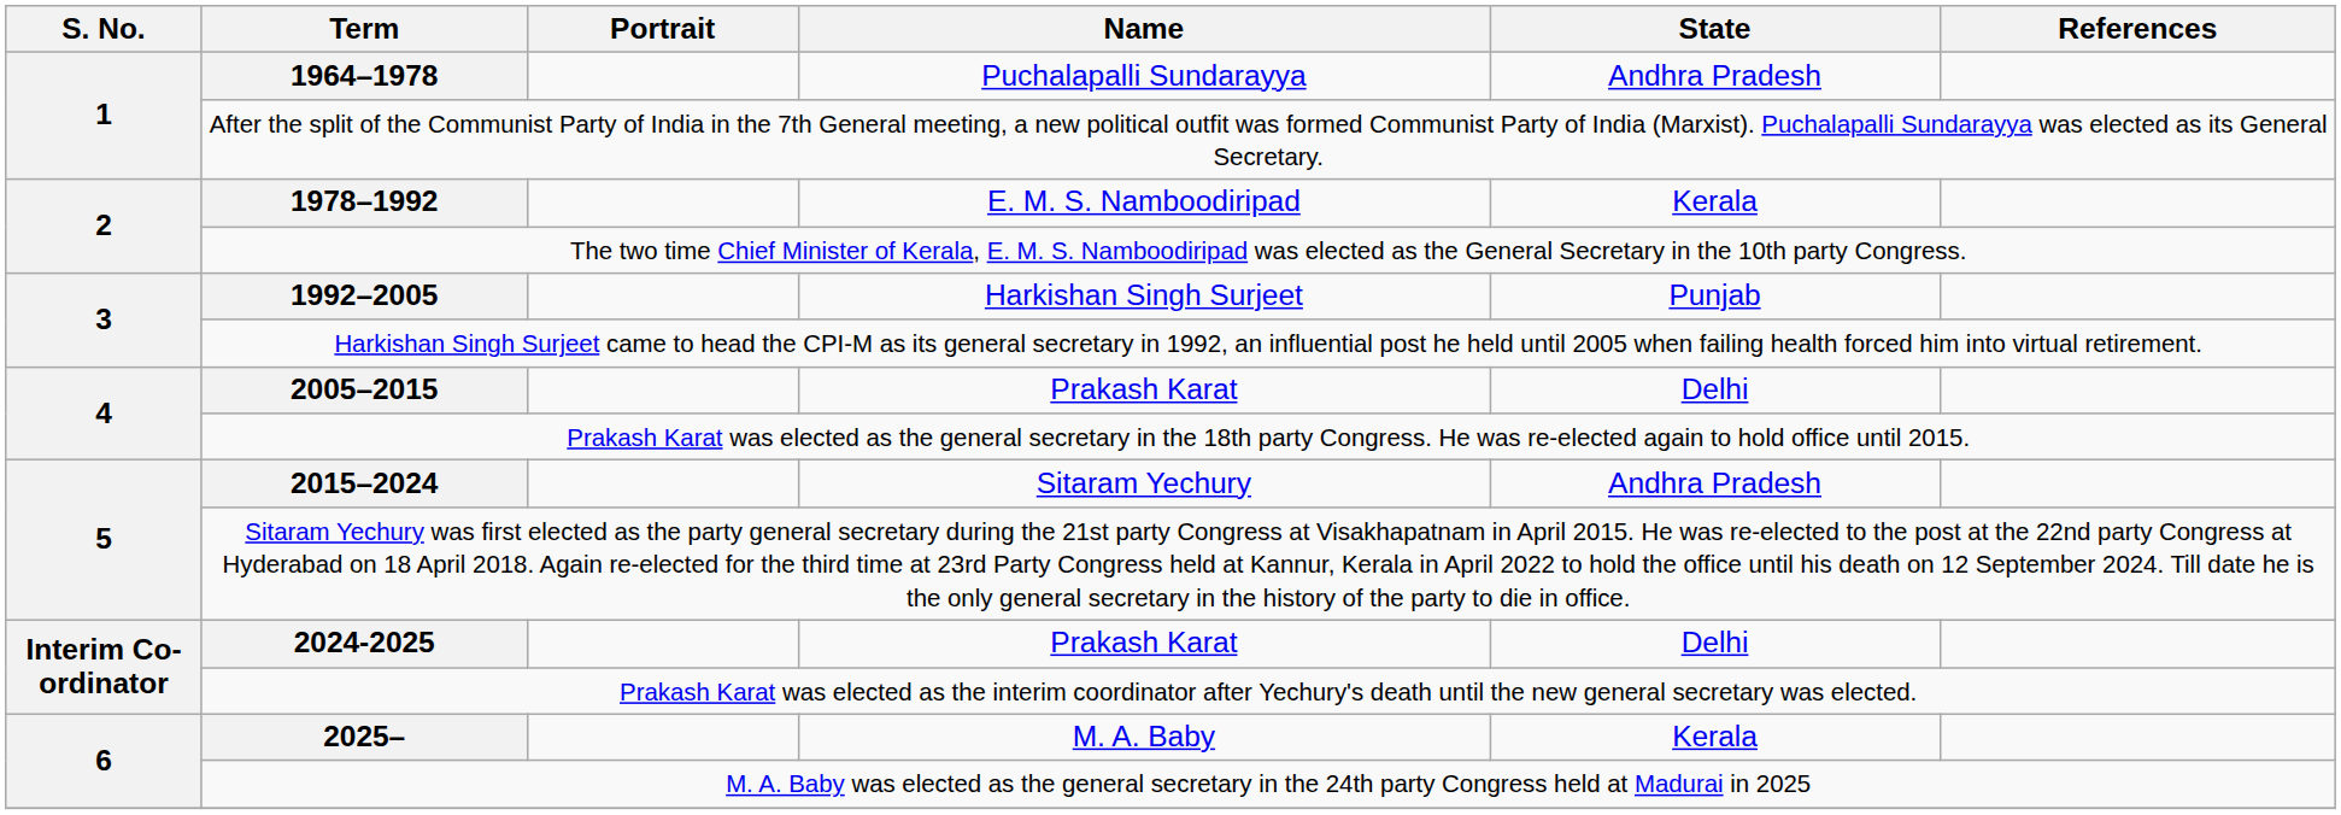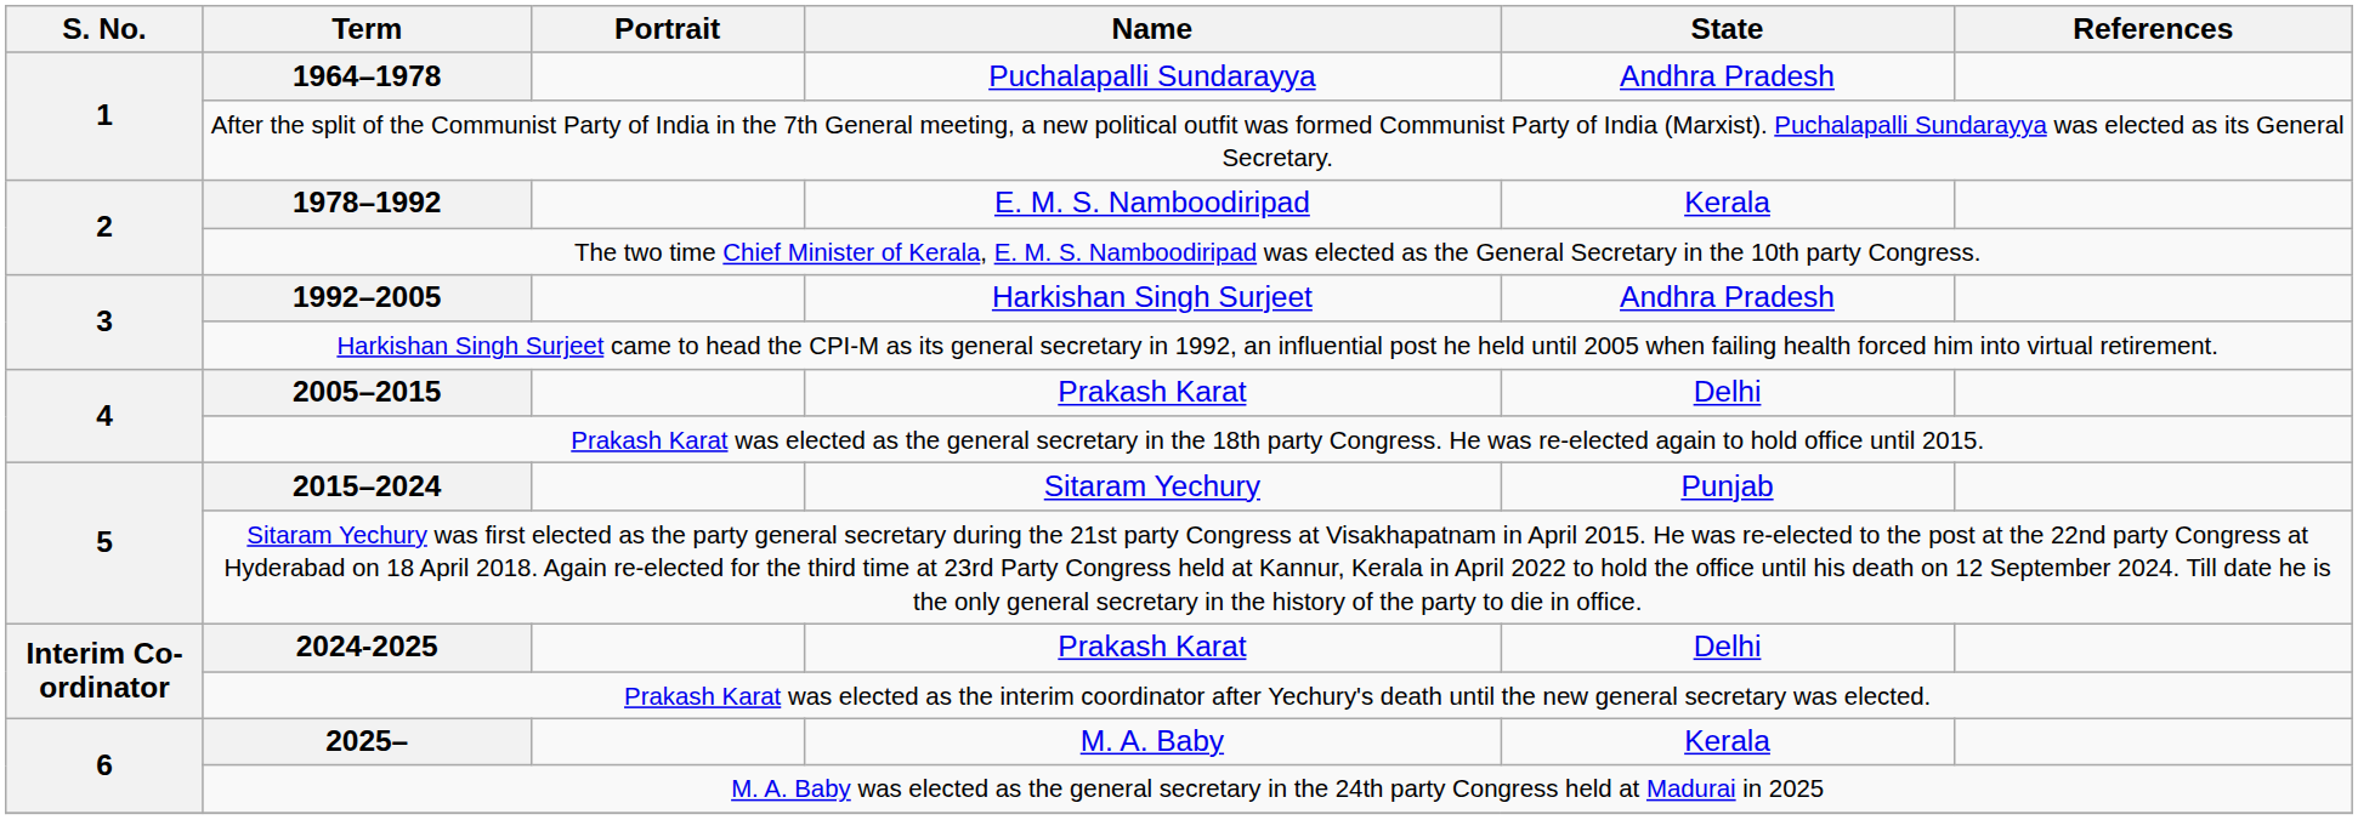 <table class="wikitable" style="text-align:center" width="100%">
 <tr>
 <th Style="background-color:">S. No.</th>
 <th Style="background-color:">Term</th>
 <th Style="background-color:">Portrait</th>
 <th Style="background-color:">Name</th>
 <th Style="background-color:">State</th>
 <th Style="background-color:">References</th>
 </tr>
 <tr>
 <th scope="row" rowspan ="2">1</th>
 <th scope="row">1964–1978</th>
 <td></td>
 <td><a href='#'>Puchalapalli Sundarayya</a></td>
 <td><a href='#'>Andhra Pradesh</a></td>
 <td></td>
 </tr>
 <tr>
 <td colspan="5"><small>After the split of the Communist Party of India in the 7th General meeting, a new political outfit was formed Communist Party of India (Marxist). <a href='#'>Puchalapalli Sundarayya</a> was elected as its General Secretary.</small></td>
 </tr>
 <tr>
 <th scope="row"  rowspan ="2">2</th>
 <th scope="row">1978–1992</th>
 <td></td>
 <td><a href='#'>E. M. S. Namboodiripad</a></td>
 <td><a href='#'>Kerala</a></td>
 <td></td>
 </tr>
 <tr>
 <td colspan="5"><small>The two time <a href='#'>Chief Minister of Kerala</a>, <a href='#'>E. M. S. Namboodiripad</a> was elected as the General Secretary in the 10th party Congress.</small></td>
 </tr>
 <tr>
 <th scope="row"  rowspan ="2">3</th>
 <th scope="row">1992–2005</th>
 <td></td>
 <td><a href='#'>Harkishan Singh Surjeet</a></td>
-<td><a href='#'>Punjab</a></td>
+<td><a href='#'>Andhra Pradesh</a></td>
 <td></td>
 </tr>
 <tr>
 <td colspan="5"><small><a href='#'>Harkishan Singh Surjeet</a> came to head the CPI-M as its general secretary in 1992, an influential post he held until 2005 when failing health forced him into virtual retirement.</small></td>
 </tr>
 <tr>
 <th scope="row"  rowspan ="2">4</th>
 <th scope="row">2005–2015</th>
 <td></td>
 <td><a href='#'>Prakash Karat</a></td>
 <td><a href='#'>Delhi</a></td>
 <td></td>
 </tr>
 <tr>
 <td colspan="5"><small><a href='#'>Prakash Karat</a> was elected as the general secretary in the 18th party Congress. He was re-elected again to hold office until 2015.</small></td>
 </tr>
 <tr>
 <th scope="row"  rowspan ="2">5</th>
 <th scope="row">2015–2024</th>
 <td></td>
 <td><a href='#'>Sitaram Yechury</a></td>
-<td><a href='#'>Andhra Pradesh</a></td>
+<td><a href='#'>Punjab</a></td>
 <td></td>
 </tr>
 <tr>
 <td colspan="5"><small><a href='#'>Sitaram Yechury</a> was first elected as the party general secretary during the 21st party Congress at Visakhapatnam in April 2015. He was re-elected to the post at the 22nd party Congress at Hyderabad on 18 April 2018. Again re-elected for the third time at 23rd Party Congress held at Kannur, Kerala in April 2022 to hold the office until his death on 12 September 2024. Till date he is the only general secretary in the history of the party to die in office.</small></td>
 </tr>
 <tr>
 <th scope="row"  rowspan ="2">Interim Co-ordinator</th>
 <th scope="row">2024-2025</th>
 <td></td>
 <td><a href='#'>Prakash Karat</a></td>
 <td><a href='#'>Delhi</a></td>
 <td></td>
 </tr>
 <tr>
 <td colspan="5"><small><a href='#'>Prakash Karat</a> was elected as the interim coordinator after Yechury's death until the new general secretary was elected.</small></td>
 </tr>
 <tr>
 <th scope="row"  rowspan ="2">6</th>
 <th scope="row">2025–</th>
 <td></td>
 <td><a href='#'>M. A. Baby</a></td>
 <td><a href='#'>Kerala</a></td>
 <td></td>
 </tr>
 <tr>
 <td colspan="5"><small><a href='#'>M. A. Baby</a> was elected as the general secretary in the 24th party Congress held at <a href='#'>Madurai</a> in 2025</small></td>
 </tr>
 <tr>
 </tr>
 </table>
